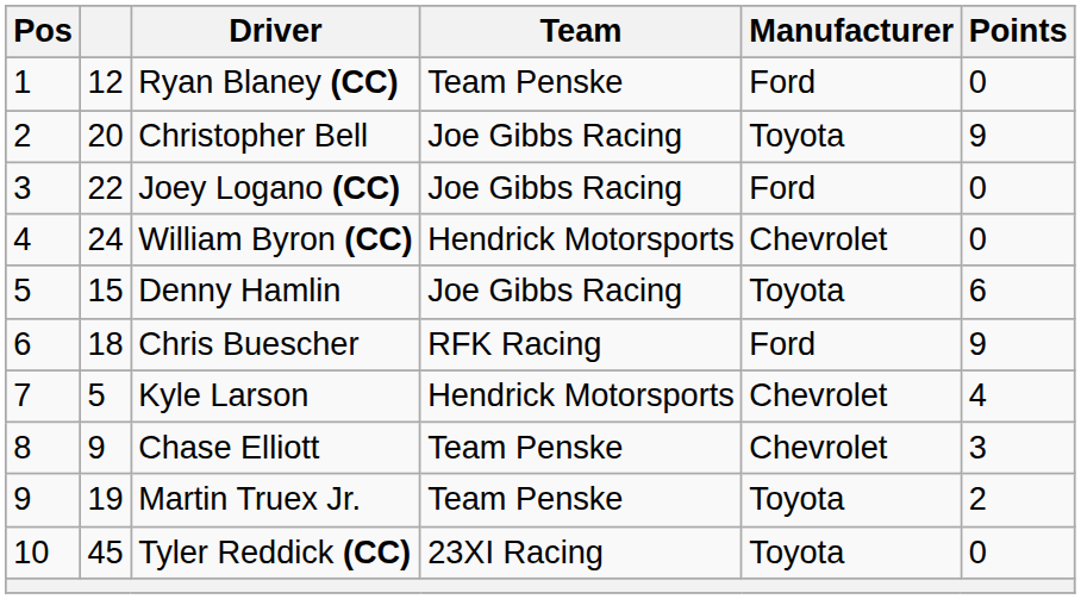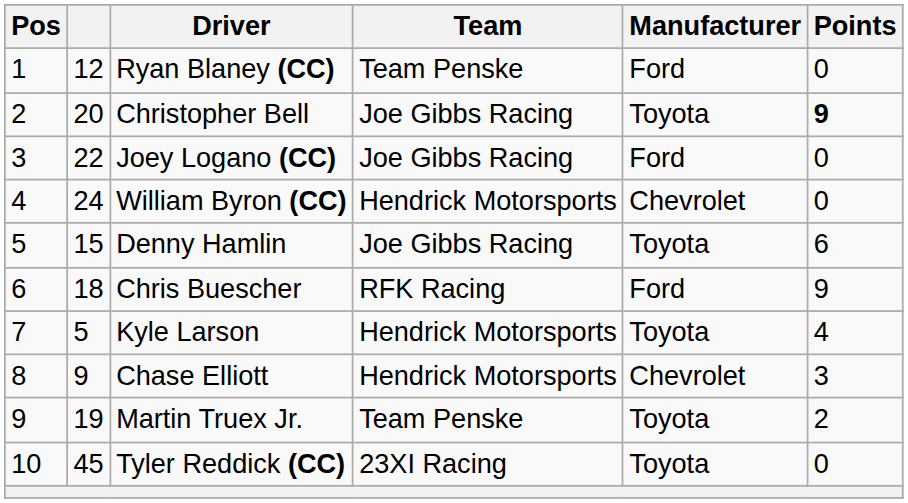 <table class="wikitable" style="font-size:98%">
 <tr>
 <th>Pos</th>
 <th></th>
 <th>Driver</th>
 <th>Team</th>
 <th>Manufacturer</th>
 <th>Points</th>
 </tr>
 <tr>
 <td>1</td>
 <td>12</td>
 <td>Ryan Blaney <strong>(CC)</strong></td>
 <td>Team Penske</td>
 <td>Ford</td>
 <td>0</td>
 </tr>
 <tr>
 <td>2</td>
 <td>20</td>
 <td>Christopher Bell</td>
 <td>Joe Gibbs Racing</td>
 <td>Toyota</td>
-<td>9</td>
+<td><strong>9</strong></td>
 </tr>
 <tr>
 <td>3</td>
 <td>22</td>
 <td>Joey Logano <strong>(CC)</strong></td>
 <td>Joe Gibbs Racing</td>
 <td>Ford</td>
 <td>0</td>
 </tr>
 <tr>
 <td>4</td>
 <td>24</td>
 <td>William Byron <strong>(CC)</strong></td>
 <td>Hendrick Motorsports</td>
 <td>Chevrolet</td>
 <td>0</td>
 </tr>
 <tr>
 <td>5</td>
 <td>15</td>
 <td>Denny Hamlin</td>
 <td>Joe Gibbs Racing</td>
 <td>Toyota</td>
 <td>6</td>
 </tr>
 <tr>
 <td>6</td>
 <td>18</td>
 <td>Chris Buescher</td>
 <td>RFK Racing</td>
 <td>Ford</td>
 <td>9</td>
 </tr>
 <tr>
 <td>7</td>
 <td>5</td>
 <td>Kyle Larson</td>
 <td>Hendrick Motorsports</td>
-<td>Chevrolet</td>
+<td>Toyota</td>
 <td>4</td>
 </tr>
 <tr>
 <td>8</td>
 <td>9</td>
 <td>Chase Elliott</td>
-<td>Team Penske</td>
+<td>Hendrick Motorsports</td>
 <td>Chevrolet</td>
 <td>3</td>
 </tr>
 <tr>
 <td>9</td>
 <td>19</td>
 <td>Martin Truex Jr.</td>
 <td>Team Penske</td>
 <td>Toyota</td>
 <td>2</td>
 </tr>
 <tr>
 <td>10</td>
 <td>45</td>
 <td>Tyler Reddick <strong>(CC)</strong></td>
 <td>23XI Racing</td>
 <td>Toyota</td>
 <td>0</td>
 </tr>
 <tr>
 <th colspan="6"></th>
 </tr>
 </table>
